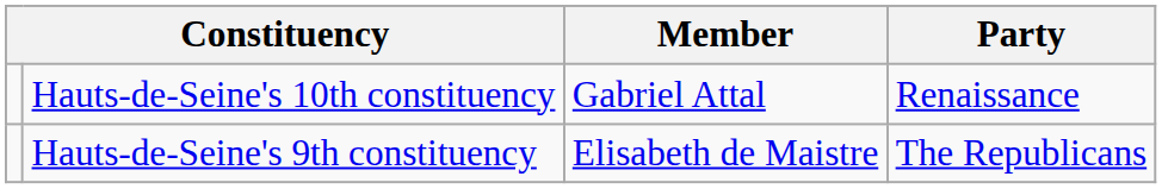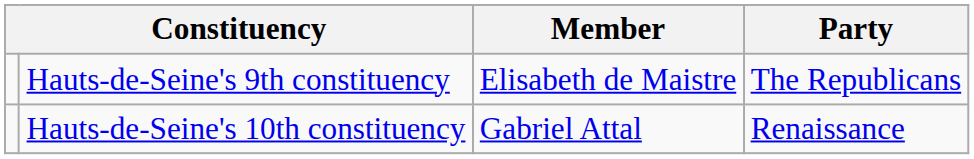 <table class="wikitable">
 <tr>
 <th colspan="2">Constituency</th>
 <th>Member</th>
 <th>Party</th>
 </tr>
 <tr>
 <td style="background-color: "></td>
+<td><a href='#'>Hauts-de-Seine's 9th constituency</a></td>
+<td><a href='#'>Elisabeth de Maistre</a></td>
+<td><a href='#'>The Republicans</a></td>
+</tr>
+<tr>
+<td style="background-color: "></td>
 <td><a href='#'>Hauts-de-Seine's 10th constituency</a></td>
 <td><a href='#'>Gabriel Attal</a></td>
 <td><a href='#'>Renaissance</a></td>
 </tr>
-<tr>
-<td style="background-color: "></td>
-<td><a href='#'>Hauts-de-Seine's 9th constituency</a></td>
-<td><a href='#'>Elisabeth de Maistre</a></td>
-<td><a href='#'>The Republicans</a></td>
-</tr>
 </table>
